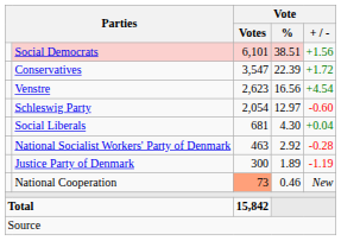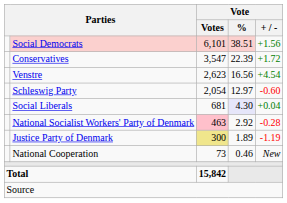 <table class="wikitable" style="text-align:right;">
 <tr>
 <th style="text-align:centre;" rowspan="2" colspan="2" width="225">Parties</th>
 <th colspan="3">Vote</th>
 </tr>
 <tr>
 <th width="15">Votes</th>
 <th width="15">%</th>
 <th width="15">+ / -</th>
 </tr>
 <tr>
 <td width="2" style="color:inherit;background:"></td>
 <td bgcolor=#fbd0ce  align="left"><a href='#'>Social Democrats</a></td>
 <td bgcolor=#fbd0ce>6,101</td>
 <td bgcolor=#fbd0ce>38.51</td>
 <td style=color:green;>+1.56</td>
 </tr>
 <tr>
 <td width="2" style="color:inherit;background:"></td>
 <td align="left"><a href='#'>Conservatives</a></td>
 <td>3,547</td>
 <td>22.39</td>
 <td style=color:green;>+1.72</td>
 </tr>
 <tr>
 <td width="2" style="color:inherit;background:"></td>
 <td align="left"><a href='#'>Venstre</a></td>
 <td>2,623</td>
 <td>16.56</td>
 <td style=color:green;>+4.54</td>
 </tr>
 <tr>
 <td width="2" style="color:inherit;background:"></td>
 <td align="left"><a href='#'>Schleswig Party</a></td>
 <td>2,054</td>
 <td>12.97</td>
 <td style=color:red;>-0.60</td>
 </tr>
 <tr>
 <td width="2" style="color:inherit;background:"></td>
 <td align="left"><a href='#'>Social Liberals</a></td>
 <td>681</td>
-<td>4.30</td>
+<td style="background: lavender;">4.30</td>
 <td style=color:green;>+0.04</td>
 </tr>
 <tr>
 <td width="2" style="color:inherit;background:"></td>
 <td align="left"><a href='#'>National Socialist Workers' Party of Denmark</a></td>
-<td>463</td>
+<td style="background: pink;">463</td>
 <td>2.92</td>
 <td style=color:red;>-0.28</td>
 </tr>
 <tr>
 <td width="2" style="color:inherit;background:"></td>
 <td align="left"><a href='#'>Justice Party of Denmark</a></td>
-<td>300</td>
+<td style="background: khaki;">300</td>
 <td>1.89</td>
 <td style=color:red;>-1.19</td>
 </tr>
 <tr>
 <td width="2" style="color:inherit;background:"></td>
 <td align="left">National Cooperation</td>
-<td style="background: lightsalmon;">73</td>
+<td>73</td>
 <td>0.46</td>
 <td><em>New</em></td>
 </tr>
 <tr>
 <td colspan="7" bgcolor="#E9E9E9"></td>
 </tr>
 <tr>
 <td align="left" colspan="2"><strong>Total</strong></td>
 <td><strong>15,842</strong></td>
 <td bgcolor="#E9E9E9" colspan="2"></td>
 </tr>
 <tr>
 <td align="left" colspan="6">Source</td>
 </tr>
 </table>
